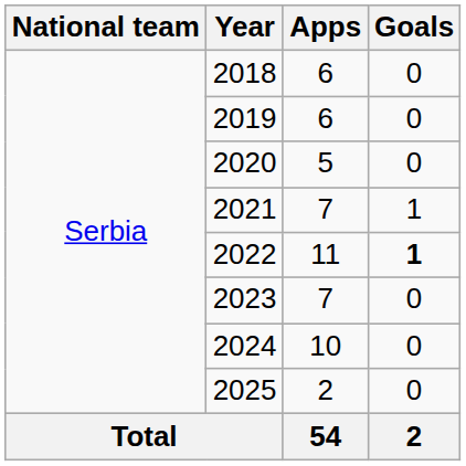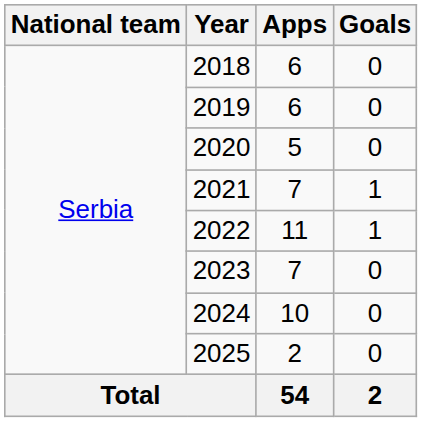 <table class="wikitable" style="text-align:center">
 <tr>
 <th>National team</th>
 <th>Year</th>
 <th>Apps</th>
 <th>Goals</th>
 </tr>
 <tr>
 <td rowspan="8"><a href='#'>Serbia</a></td>
 <td>2018</td>
 <td>6</td>
 <td>0</td>
 </tr>
 <tr>
 <td>2019</td>
 <td>6</td>
 <td>0</td>
 </tr>
 <tr>
 <td>2020</td>
 <td>5</td>
 <td>0</td>
 </tr>
 <tr>
 <td>2021</td>
 <td>7</td>
 <td>1</td>
 </tr>
 <tr>
 <td>2022</td>
 <td>11</td>
-<td><strong>1</strong></td>
+<td>1</td>
 </tr>
 <tr>
 <td>2023</td>
 <td>7</td>
 <td>0</td>
 </tr>
 <tr>
 <td>2024</td>
 <td>10</td>
 <td>0</td>
 </tr>
 <tr>
 <td>2025</td>
 <td>2</td>
 <td>0</td>
 </tr>
 <tr>
 <th colspan="2">Total</th>
 <th>54</th>
 <th>2</th>
 </tr>
 </table>
